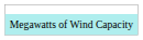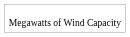 <table style="border:solid 1px #aaa;" cellpadding="7" cellspacing="0" class="floatleft">
 <tr>
 <td></td>
 </tr>
 <tr>
-<td style="background: paleturquoise;">Megawatts of Wind Capacity</td>
+<td>Megawatts of Wind Capacity</td>
 </tr>
 </table>
